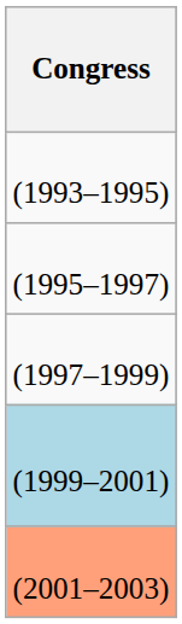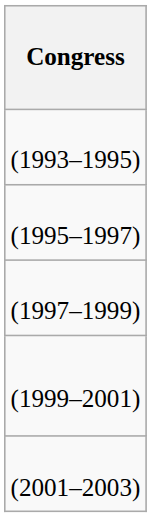 <table class="wikitable" style="float:left; margin:0; margin-right:-0.5px; margin-top:14px; text-align:center;">
 <tr style="white-space:nowrap; height:4.1em;">
 <th>Congress</th>
 </tr>
 <tr style="white-space:nowrap; height:3em;">
 <td><strong></strong><br>(1993–1995)</td>
 </tr>
 <tr style="white-space:nowrap; height:3em">
 <td><strong></strong><br>(1995–1997)</td>
 </tr>
 <tr style="white-space:nowrap; height:3em">
 <td><strong></strong><br>(1997–1999)</td>
 </tr>
 <tr style="white-space:nowrap; height:4.04em">
-<td style="background: lightblue;"><strong></strong><br>(1999–2001)</td>
+<td><strong></strong><br>(1999–2001)</td>
 </tr>
 <tr style="white-space:nowrap; height:3em">
-<td style="background: lightsalmon;"><strong></strong><br>(2001–2003)</td>
+<td><strong></strong><br>(2001–2003)</td>
 </tr>
 </table>
